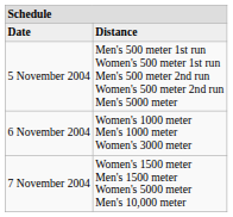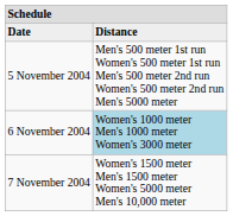 <table class="wikitable">
 <tr align=left bgcolor=#DDDDDD>
 <td colspan=3><strong>Schedule</strong></td>
 </tr>
 <tr align=left bgcolor=#EEEEEE>
 <td><strong>Date</strong></td>
 <td><strong>Distance</strong></td>
 </tr>
 <tr>
 <td>5 November 2004</td>
 <td>Men's 500 meter 1st run<br>Women's 500 meter 1st run<br>Men's 500 meter 2nd run<br>Women's 500 meter 2nd run<br>Men's 5000 meter</td>
 </tr>
 <tr>
 <td>6 November 2004</td>
-<td>Women's 1000 meter<br>Men's 1000 meter<br>Women's 3000 meter</td>
+<td style="background: lightblue;">Women's 1000 meter<br>Men's 1000 meter<br>Women's 3000 meter</td>
 </tr>
 <tr>
 <td>7 November 2004</td>
 <td>Women's 1500 meter<br>Men's 1500 meter<br>Women's 5000 meter<br>Men's 10,000 meter</td>
 </tr>
 </table>
